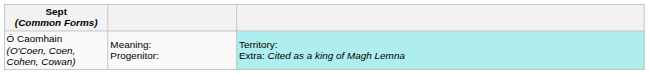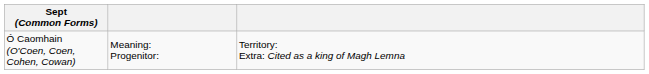 <table class="wikitable">
 <tr>
 <th width="160"><strong>Sept</strong><br><strong><em>(Common Forms)</em></strong></th>
 <th width="200"></th>
 <th width="650"></th>
 </tr>
 <tr>
 <td>Ó Caomhain<br><em>(O'Coen, Coen, Cohen, Cowan)</em></td>
 <td>Meaning:<br>Progenitor:</td>
-<td style="background: paleturquoise;">Territory: <br>Extra: <em>Cited as a king of Magh Lemna</em></td>
+<td>Territory: <br>Extra: <em>Cited as a king of Magh Lemna</em></td>
 </tr>
 </table>
